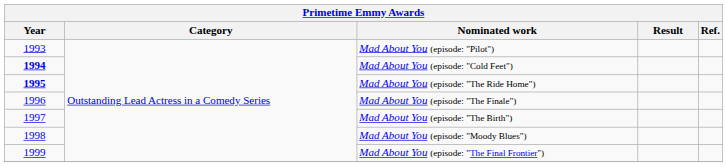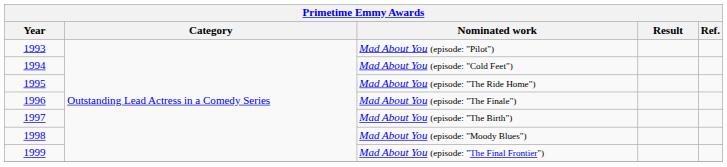 <table class=wikitable>
 <tr>
 <th colspan=5><a href='#'>Primetime Emmy Awards</a></th>
 </tr>
 <tr>
 <th scope="col" style="width:5em;">Year</th>
 <th scope="col" style="width:26em;">Category</th>
 <th scope="col" style="width:25em;">Nominated work</th>
 <th scope="col" style="width:5em;">Result</th>
 <th>Ref.</th>
 </tr>
 <tr>
 <td style="text-align:center;"><a href='#'>1993</a></td>
 <td rowspan="7"><a href='#'>Outstanding Lead Actress in a Comedy Series</a></td>
 <td><em><a href='#'>Mad About You</a></em> <small> (episode: "Pilot") </small></td>
 <td></td>
 <td></td>
 </tr>
 <tr>
-<td style="text-align:center;"><strong><a href='#'>1994</a></strong></td>
+<td style="text-align:center;"><a href='#'>1994</a></td>
 <td><em><a href='#'>Mad About You</a></em> <small> (episode: "Cold Feet") </small></td>
 <td></td>
 <td></td>
 </tr>
 <tr>
-<td style="text-align:center;"><strong><a href='#'>1995</a></strong></td>
+<td style="text-align:center;"><a href='#'>1995</a></td>
 <td><em><a href='#'>Mad About You</a></em> <small> (episode: "The Ride Home") </small></td>
 <td></td>
 <td></td>
 </tr>
 <tr>
 <td style="text-align:center;"><a href='#'>1996</a></td>
 <td><em><a href='#'>Mad About You</a></em> <small> (episode: "The Finale") </small></td>
 <td></td>
 <td></td>
 </tr>
 <tr>
 <td style="text-align:center;"><a href='#'>1997</a></td>
 <td><em><a href='#'>Mad About You</a></em> <small> (episode: "The Birth") </small></td>
 <td></td>
 <td></td>
 </tr>
 <tr>
 <td style="text-align:center;"><a href='#'>1998</a></td>
 <td><em><a href='#'>Mad About You</a></em> <small> (episode: "Moody Blues") </small></td>
 <td></td>
 <td></td>
 </tr>
 <tr>
 <td style="text-align:center;"><a href='#'>1999</a></td>
 <td><em><a href='#'>Mad About You</a></em> <small> (episode: "<a href='#'>The Final Frontier</a>") </small></td>
 <td></td>
 <td></td>
 </tr>
 <tr>
 </tr>
 </table>
